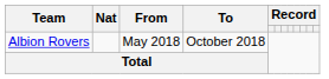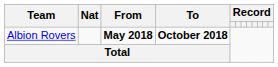 <table class="wikitable" style="text-align: center">
 <tr>
 <th rowspan="2">Team</th>
 <th rowspan="2">Nat</th>
 <th rowspan="2">From</th>
 <th rowspan="2">To</th>
 <th colspan="9">Record</th>
 </tr>
 <tr>
 <th></th>
 <th></th>
 <th></th>
 <th></th>
 <th></th>
 <th></th>
 <th></th>
 <th></th>
 </tr>
 <tr>
 <td align=left><a href='#'>Albion Rovers</a></td>
 <td align=left></td>
-<td align=left>May 2018</td>
-<td align=left>October 2018<br></td>
+<td align=left><strong>May 2018</strong></td>
+<td align=left><strong>October 2018<br></strong></td>
 </tr>
 <tr>
 <th colspan="4">Total<br></th>
 </tr>
 </table>
